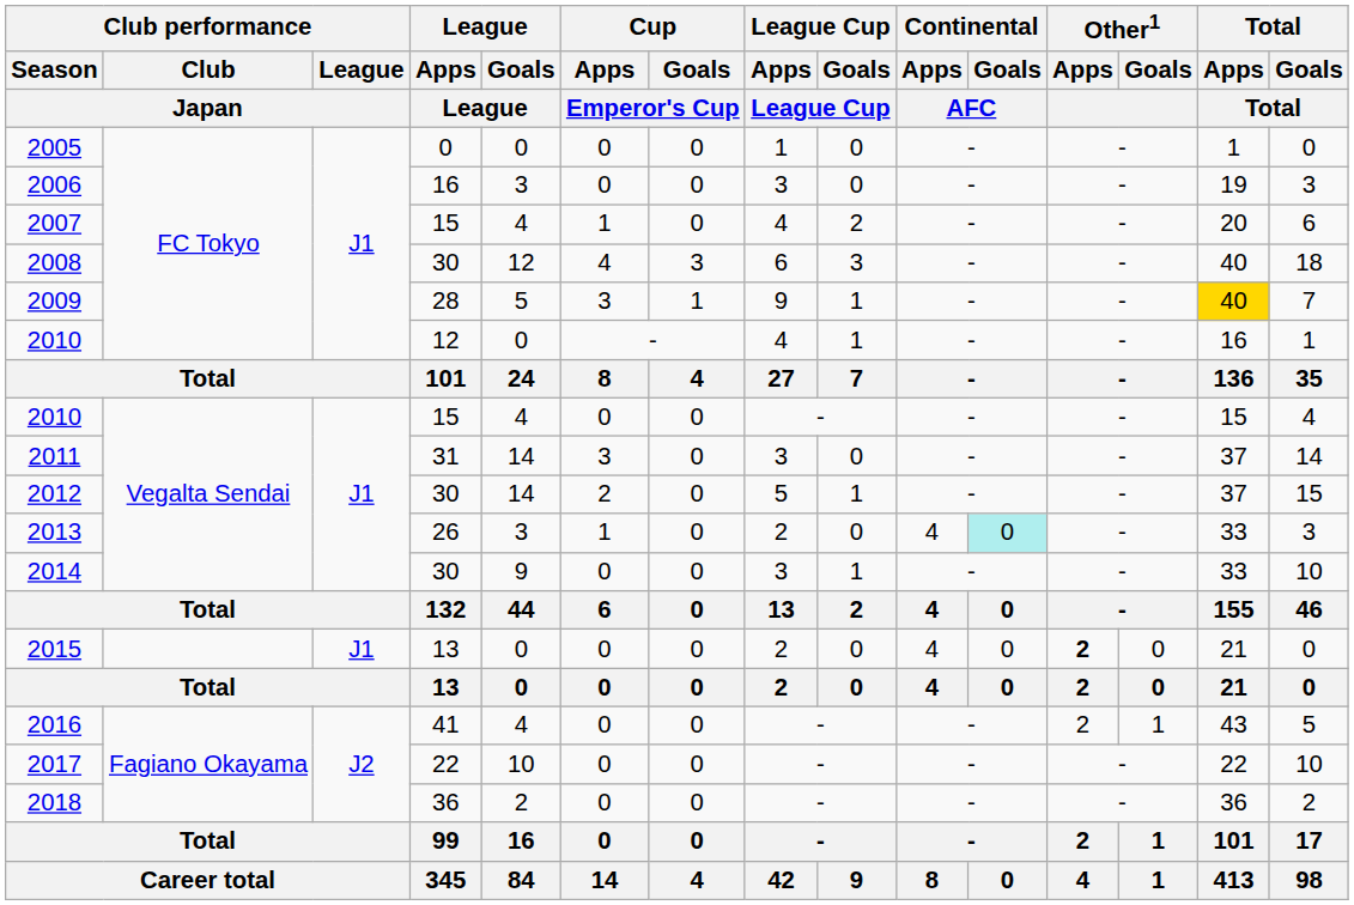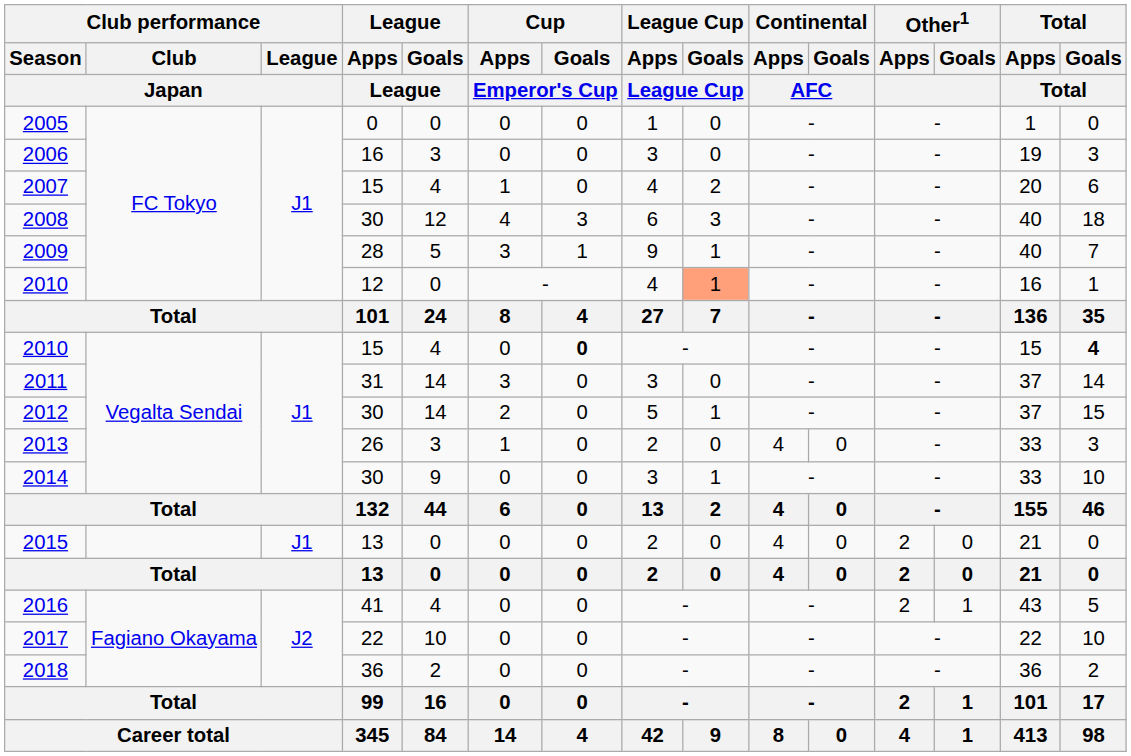 <table class="wikitable" style="text-align:center;">
 <tr>
 <th colspan=3>Club performance</th>
 <th colspan=2>League</th>
 <th colspan=2>Cup</th>
 <th colspan=2>League Cup</th>
 <th colspan=2>Continental</th>
 <th colspan=2>Other<sup>1</sup></th>
 <th colspan=2>Total</th>
 </tr>
 <tr>
 <th>Season</th>
 <th>Club</th>
 <th>League</th>
 <th>Apps</th>
 <th>Goals</th>
 <th>Apps</th>
 <th>Goals</th>
 <th>Apps</th>
 <th>Goals</th>
 <th>Apps</th>
 <th>Goals</th>
 <th>Apps</th>
 <th>Goals</th>
 <th>Apps</th>
 <th>Goals</th>
 </tr>
 <tr>
 <th colspan=3>Japan</th>
 <th colspan=2>League</th>
 <th colspan=2><a href='#'>Emperor's Cup</a></th>
 <th colspan=2><a href='#'>League Cup</a></th>
 <th colspan=2><a href='#'>AFC</a></th>
 <th colspan=2></th>
 <th colspan=2>Total</th>
 </tr>
 <tr>
 <td><a href='#'>2005</a></td>
 <td rowspan="6"><a href='#'>FC Tokyo</a></td>
 <td rowspan="6"><a href='#'>J1</a></td>
 <td>0</td>
 <td>0</td>
 <td>0</td>
 <td>0</td>
 <td>1</td>
 <td>0</td>
 <td colspan="2">-</td>
 <td colspan="2">-</td>
 <td>1</td>
 <td>0</td>
 </tr>
 <tr>
 <td><a href='#'>2006</a></td>
 <td>16</td>
 <td>3</td>
 <td>0</td>
 <td>0</td>
 <td>3</td>
 <td>0</td>
 <td colspan="2">-</td>
 <td colspan="2">-</td>
 <td>19</td>
 <td>3</td>
 </tr>
 <tr>
 <td><a href='#'>2007</a></td>
 <td>15</td>
 <td>4</td>
 <td>1</td>
 <td>0</td>
 <td>4</td>
 <td>2</td>
 <td colspan="2">-</td>
 <td colspan="2">-</td>
 <td>20</td>
 <td>6</td>
 </tr>
 <tr>
 <td><a href='#'>2008</a></td>
 <td>30</td>
 <td>12</td>
 <td>4</td>
 <td>3</td>
 <td>6</td>
 <td>3</td>
 <td colspan="2">-</td>
 <td colspan="2">-</td>
 <td>40</td>
 <td>18</td>
 </tr>
 <tr>
 <td><a href='#'>2009</a></td>
 <td>28</td>
 <td>5</td>
 <td>3</td>
 <td>1</td>
 <td>9</td>
 <td>1</td>
 <td colspan="2">-</td>
 <td colspan="2">-</td>
-<td style="background: gold;">40</td>
+<td>40</td>
 <td>7</td>
 </tr>
 <tr>
 <td><a href='#'>2010</a></td>
 <td>12</td>
 <td>0</td>
 <td colspan="2">-</td>
 <td>4</td>
-<td>1</td>
+<td style="background: lightsalmon;">1</td>
 <td colspan="2">-</td>
 <td colspan="2">-</td>
 <td>16</td>
 <td>1</td>
 </tr>
 <tr>
 <th colspan=3>Total</th>
 <th>101</th>
 <th>24</th>
 <th>8</th>
 <th>4</th>
 <th>27</th>
 <th>7</th>
 <th colspan="2">-</th>
 <th colspan="2">-</th>
 <th>136</th>
 <th>35</th>
 </tr>
 <tr>
 <td><a href='#'>2010</a></td>
 <td rowspan="5"><a href='#'>Vegalta Sendai</a></td>
 <td rowspan="5"><a href='#'>J1</a></td>
 <td>15</td>
 <td>4</td>
 <td>0</td>
-<td>0</td>
+<td><strong>0</strong></td>
 <td colspan="2">-</td>
 <td colspan="2">-</td>
 <td colspan="2">-</td>
 <td>15</td>
-<td>4</td>
+<td><strong>4</strong></td>
 </tr>
 <tr>
 <td><a href='#'>2011</a></td>
 <td>31</td>
 <td>14</td>
 <td>3</td>
 <td>0</td>
 <td>3</td>
 <td>0</td>
 <td colspan="2">-</td>
 <td colspan="2">-</td>
 <td>37</td>
 <td>14</td>
 </tr>
 <tr>
 <td><a href='#'>2012</a></td>
 <td>30</td>
 <td>14</td>
 <td>2</td>
 <td>0</td>
 <td>5</td>
 <td>1</td>
 <td colspan="2">-</td>
 <td colspan="2">-</td>
 <td>37</td>
 <td>15</td>
 </tr>
 <tr>
 <td><a href='#'>2013</a></td>
 <td>26</td>
 <td>3</td>
 <td>1</td>
 <td>0</td>
 <td>2</td>
 <td>0</td>
 <td>4</td>
-<td style="background: paleturquoise;">0</td>
+<td>0</td>
 <td colspan="2">-</td>
 <td>33</td>
 <td>3</td>
 </tr>
 <tr>
 <td><a href='#'>2014</a></td>
 <td>30</td>
 <td>9</td>
 <td>0</td>
 <td>0</td>
 <td>3</td>
 <td>1</td>
 <td colspan="2">-</td>
 <td colspan="2">-</td>
 <td>33</td>
 <td>10</td>
 </tr>
 <tr>
 <th colspan=3>Total</th>
 <th>132</th>
 <th>44</th>
 <th>6</th>
 <th>0</th>
 <th>13</th>
 <th>2</th>
 <th>4</th>
 <th>0</th>
 <th colspan="2">-</th>
 <th>155</th>
 <th>46</th>
 </tr>
 <tr>
 <td><a href='#'>2015</a></td>
 <td rowspan="1"></td>
 <td rowspan="1"><a href='#'>J1</a></td>
 <td>13</td>
 <td>0</td>
 <td>0</td>
 <td>0</td>
 <td>2</td>
 <td>0</td>
 <td>4</td>
 <td>0</td>
-<td><strong>2</strong></td>
+<td>2</td>
 <td>0</td>
 <td>21</td>
 <td>0</td>
 </tr>
 <tr>
 <th colspan=3>Total</th>
 <th>13</th>
 <th>0</th>
 <th>0</th>
 <th>0</th>
 <th>2</th>
 <th>0</th>
 <th>4</th>
 <th>0</th>
 <th>2</th>
 <th>0</th>
 <th>21</th>
 <th>0</th>
 </tr>
 <tr>
 <td><a href='#'>2016</a></td>
 <td rowspan="3"><a href='#'>Fagiano Okayama</a></td>
 <td rowspan="3"><a href='#'>J2</a></td>
 <td>41</td>
 <td>4</td>
 <td>0</td>
 <td>0</td>
 <td colspan="2">-</td>
 <td colspan="2">-</td>
 <td>2</td>
 <td>1</td>
 <td>43</td>
 <td>5</td>
 </tr>
 <tr>
 <td><a href='#'>2017</a></td>
 <td>22</td>
 <td>10</td>
 <td>0</td>
 <td>0</td>
 <td colspan="2">-</td>
 <td colspan="2">-</td>
 <td colspan="2">-</td>
 <td>22</td>
 <td>10</td>
 </tr>
 <tr>
 <td><a href='#'>2018</a></td>
 <td>36</td>
 <td>2</td>
 <td>0</td>
 <td>0</td>
 <td colspan="2">-</td>
 <td colspan="2">-</td>
 <td colspan="2">-</td>
 <td>36</td>
 <td>2</td>
 </tr>
 <tr>
 <th colspan=3>Total</th>
 <th>99</th>
 <th>16</th>
 <th>0</th>
 <th>0</th>
 <th colspan="2">-</th>
 <th colspan="2">-</th>
 <th>2</th>
 <th>1</th>
 <th>101</th>
 <th>17</th>
 </tr>
 <tr>
 <th colspan=3>Career total</th>
 <th>345</th>
 <th>84</th>
 <th>14</th>
 <th>4</th>
 <th>42</th>
 <th>9</th>
 <th>8</th>
 <th>0</th>
 <th>4</th>
 <th>1</th>
 <th>413</th>
 <th>98</th>
 </tr>
 </table>
